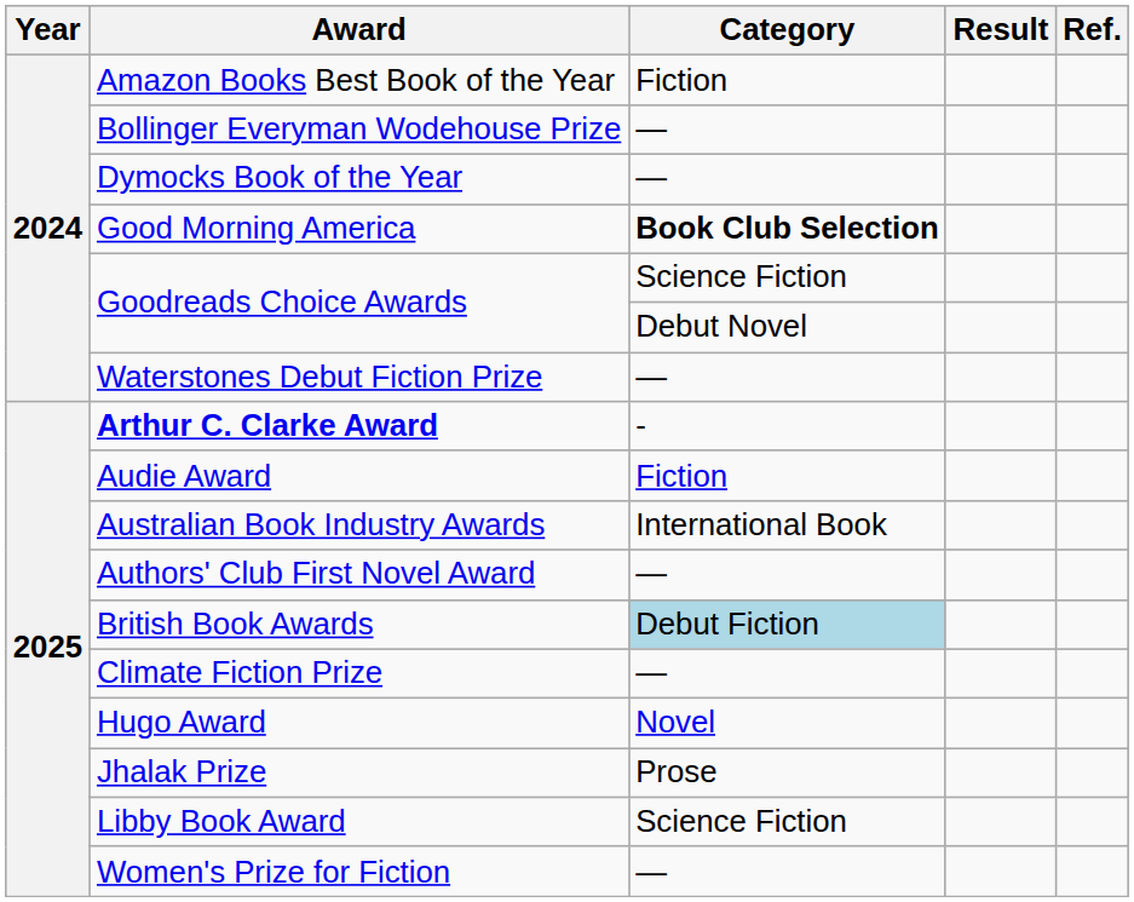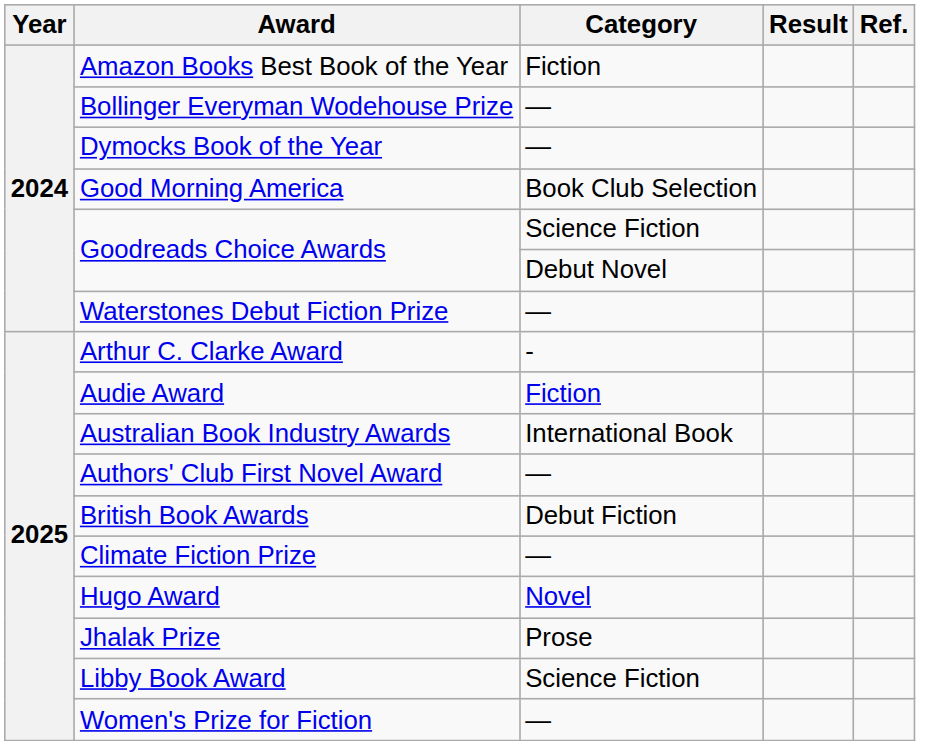 <table class="wikitable sortable">
 <tr>
 <th>Year</th>
 <th>Award</th>
 <th>Category</th>
 <th>Result</th>
 <th>Ref.</th>
 </tr>
 <tr>
 <th rowspan=7>2024</th>
 <td><a href='#'>Amazon Books</a> Best Book of the Year</td>
 <td>Fiction</td>
 <td></td>
 <td></td>
 </tr>
 <tr>
 <td><a href='#'>Bollinger Everyman Wodehouse Prize</a></td>
 <td>—</td>
 <td></td>
 <td></td>
 </tr>
 <tr>
 <td><a href='#'>Dymocks Book of the Year</a></td>
 <td>—</td>
 <td></td>
 <td></td>
 </tr>
 <tr>
 <td><a href='#'>Good Morning America</a></td>
-<td><strong>Book Club Selection</strong></td>
+<td>Book Club Selection</td>
 <td></td>
 <td></td>
 </tr>
 <tr>
 <td rowspan="2"><a href='#'>Goodreads Choice Awards</a></td>
 <td>Science Fiction</td>
 <td></td>
 <td></td>
 </tr>
 <tr>
 <td>Debut Novel</td>
 <td></td>
 <td></td>
 </tr>
 <tr>
 <td><a href='#'>Waterstones Debut Fiction Prize</a></td>
 <td>—</td>
 <td></td>
 <td></td>
 </tr>
 <tr>
 <th rowspan=10>2025</th>
-<td><strong><a href='#'>Arthur C. Clarke Award</a></strong></td>
+<td><a href='#'>Arthur C. Clarke Award</a></td>
 <td>-</td>
 <td></td>
 <td></td>
 </tr>
 <tr>
 <td><a href='#'>Audie Award</a></td>
 <td><a href='#'>Fiction</a></td>
 <td></td>
 <td></td>
 </tr>
 <tr>
 <td><a href='#'>Australian Book Industry Awards</a></td>
 <td>International Book</td>
 <td></td>
 <td></td>
 </tr>
 <tr>
 <td><a href='#'>Authors' Club First Novel Award</a></td>
 <td>—</td>
 <td></td>
 <td></td>
 </tr>
 <tr>
 <td><a href='#'>British Book Awards</a></td>
-<td style="background: lightblue;">Debut Fiction</td>
+<td>Debut Fiction</td>
 <td></td>
 <td></td>
 </tr>
 <tr>
 <td><a href='#'>Climate Fiction Prize</a></td>
 <td>—</td>
 <td></td>
 <td></td>
 </tr>
 <tr>
 <td><a href='#'>Hugo Award</a></td>
 <td><a href='#'>Novel</a></td>
 <td></td>
 <td></td>
 </tr>
 <tr>
 <td><a href='#'>Jhalak Prize</a></td>
 <td>Prose</td>
 <td></td>
 <td></td>
 </tr>
 <tr>
 <td><a href='#'>Libby Book Award</a></td>
 <td>Science Fiction</td>
 <td></td>
 <td></td>
 </tr>
 <tr>
 <td><a href='#'>Women's Prize for Fiction</a></td>
 <td>—</td>
 <td></td>
 <td></td>
 </tr>
 </table>
